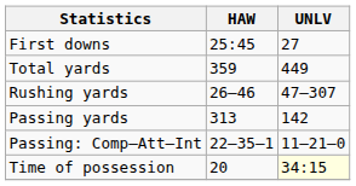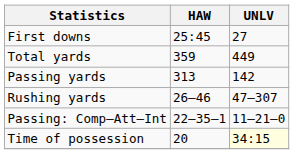 <table class="wikitable" style="float: left;">
 <tr>
 <th>Statistics</th>
 <th>HAW</th>
 <th>UNLV</th>
 </tr>
 <tr>
 <td>First downs</td>
 <td>25:45</td>
 <td>27</td>
 </tr>
 <tr>
 <td>Total yards</td>
 <td>359</td>
 <td>449</td>
 </tr>
 <tr>
+<td>Passing yards</td>
+<td>313</td>
+<td>142</td>
+</tr>
+<tr>
 <td>Rushing yards</td>
 <td>26–46</td>
 <td>47–307</td>
-</tr>
-<tr>
-<td>Passing yards</td>
-<td>313</td>
-<td>142</td>
 </tr>
 <tr>
 <td>Passing: Comp–Att–Int</td>
 <td>22–35–1</td>
 <td>11–21–0</td>
 </tr>
 <tr>
 <td>Time of possession</td>
 <td>20</td>
 <td style="background: lightyellow;">34:15</td>
 </tr>
 <tr>
 </tr>
 </table>
